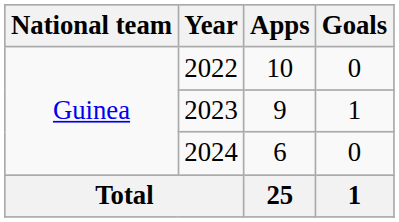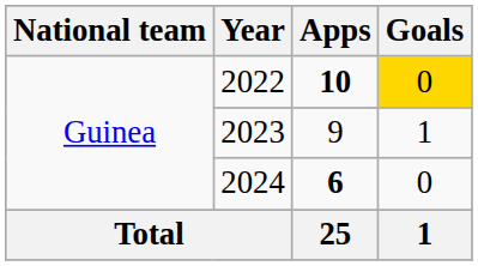 <table class="wikitable" style="text-align:center">
 <tr>
 <th>National team</th>
 <th>Year</th>
 <th>Apps</th>
 <th>Goals</th>
 </tr>
 <tr>
 <td rowspan="3"><a href='#'>Guinea</a></td>
 <td>2022</td>
-<td>10</td>
-<td>0</td>
+<td><strong>10</strong></td>
+<td style="background: gold;">0</td>
 </tr>
 <tr>
 <td>2023</td>
 <td>9</td>
 <td>1</td>
 </tr>
 <tr>
 <td>2024</td>
-<td>6</td>
+<td><strong>6</strong></td>
 <td>0</td>
 </tr>
 <tr>
 <th colspan="2">Total</th>
 <th>25</th>
 <th>1</th>
 </tr>
 </table>
